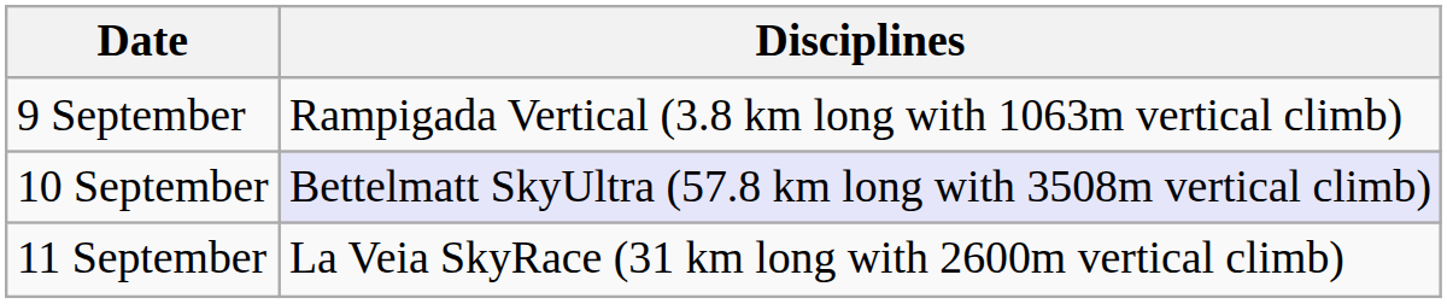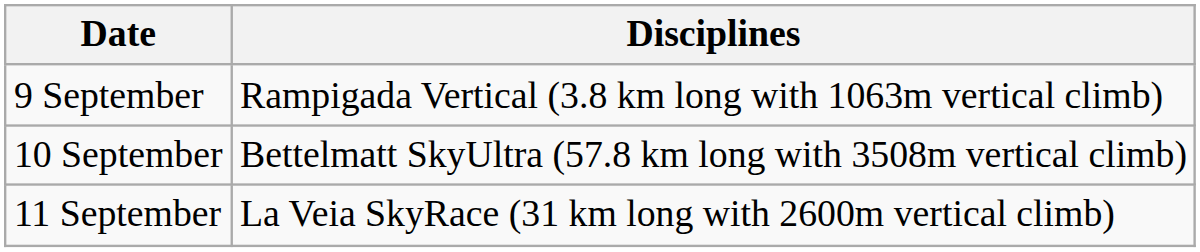 <table class=wikitable>
 <tr>
 <th>Date</th>
 <th>Disciplines</th>
 </tr>
 <tr>
 <td>9 September</td>
 <td>Rampigada Vertical (3.8 km long with 1063m vertical climb)</td>
 </tr>
 <tr>
 <td>10 September</td>
-<td style="background: lavender;">Bettelmatt SkyUltra (57.8 km long with 3508m vertical climb)</td>
+<td>Bettelmatt SkyUltra (57.8 km long with 3508m vertical climb)</td>
 </tr>
 <tr>
 <td>11 September</td>
 <td>La Veia SkyRace (31 km long with 2600m vertical climb)</td>
 </tr>
 </table>
